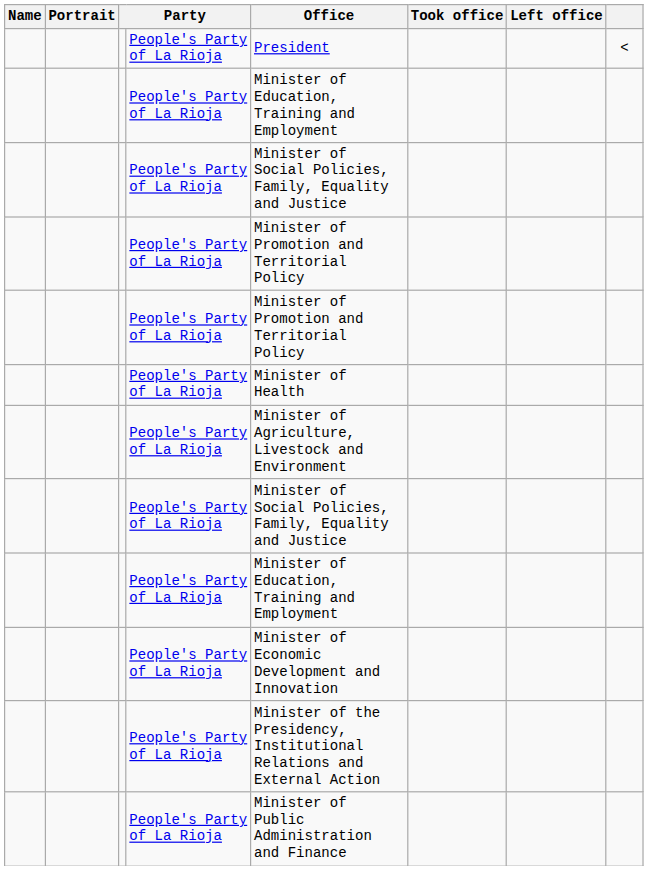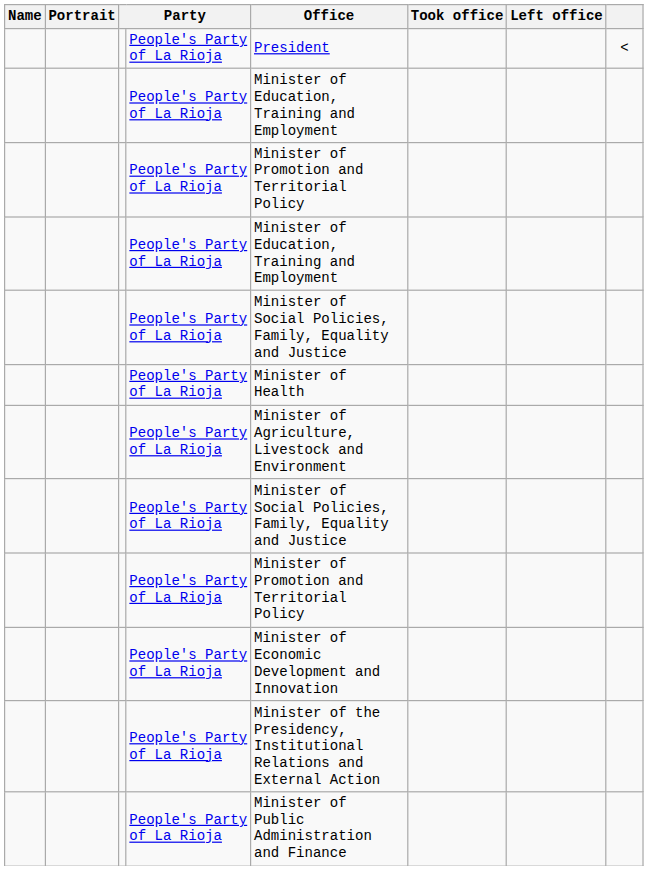 <table class="wikitable plainrowheaders sortable" style="font-size:90%; text-align:left;">
 <tr>
 <th scope=col>Name</th>
 <th scope=col class=unsortable>Portrait</th>
 <th scope=col colspan="2">Party</th>
 <th scope=col width=125px>Office</th>
 <th scope=col>Took office</th>
 <th scope=col>Left office</th>
 <th scope=col width=25px class=unsortable></th>
 </tr>
 <tr>
 <td style="white-space: nowrap;"></td>
 <td align=center></td>
 <td !align="center" style="background:"></td>
 <td><a href='#'>People's Party<br>of La Rioja</a></td>
 <td><a href='#'>President</a></td>
 <td align=center></td>
 <td align=center></td>
 <td align=center><</td>
 </tr>
 <tr>
 <td style="white-space: nowrap;"></td>
 <td align=center></td>
 <td !align="center" style="background:"></td>
 <td><a href='#'>People's Party<br>of La Rioja</a></td>
 <td>Minister of Education, Training and Employment</td>
 <td align=center></td>
 <td align=center></td>
 <td align=center></td>
 </tr>
 <tr>
 <td style="white-space: nowrap;"></td>
 <td align=center></td>
 <td !align="center" style="background:"></td>
 <td><a href='#'>People's Party<br>of La Rioja</a></td>
-<td>Minister of Social Policies, Family, Equality and Justice</td>
-<td align=center></td>
-<td align=center></td>
-<td align=center></td>
-</tr>
-<tr>
-<td style="white-space: nowrap;"></td>
-<td align=center></td>
-<td !align="center" style="background:"></td>
-<td><a href='#'>People's Party<br>of La Rioja</a></td>
 <td>Minister of Promotion and Territorial Policy</td>
 <td align=center></td>
 <td align=center></td>
 <td align=center></td>
 </tr>
 <tr>
 <td style="white-space: nowrap;"></td>
 <td align=center></td>
 <td !align="center" style="background:"></td>
 <td><a href='#'>People's Party<br>of La Rioja</a></td>
-<td>Minister of Promotion and Territorial Policy</td>
+<td>Minister of Education, Training and Employment</td>
+<td align=center></td>
+<td align=center></td>
+<td align=center></td>
+</tr>
+<tr>
+<td style="white-space: nowrap;"></td>
+<td align=center></td>
+<td !align="center" style="background:"></td>
+<td><a href='#'>People's Party<br>of La Rioja</a></td>
+<td>Minister of Social Policies, Family, Equality and Justice</td>
 <td align=center></td>
 <td align=center></td>
 <td align=center></td>
 </tr>
 <tr>
 <td style="white-space: nowrap;"></td>
 <td align=center></td>
 <td !align="center" style="background:"></td>
 <td><a href='#'>People's Party<br>of La Rioja</a></td>
 <td>Minister of Health</td>
 <td align=center></td>
 <td align=center></td>
 <td align=center></td>
 </tr>
 <tr>
 <td style="white-space: nowrap;"></td>
 <td align=center></td>
 <td !align="center" style="background:"></td>
 <td><a href='#'>People's Party<br>of La Rioja</a></td>
 <td>Minister of Agriculture, Livestock and Environment</td>
 <td align=center></td>
 <td align=center></td>
 <td align=center></td>
 </tr>
 <tr>
 <td style="white-space: nowrap;"></td>
 <td align=center></td>
 <td !align="center" style="background:"></td>
 <td><a href='#'>People's Party<br>of La Rioja</a></td>
 <td>Minister of Social Policies, Family, Equality and Justice</td>
 <td align=center></td>
 <td align=center></td>
 <td align=center></td>
 </tr>
 <tr>
 <td style="white-space: nowrap;"></td>
 <td align=center></td>
 <td !align="center" style="background:"></td>
 <td><a href='#'>People's Party<br>of La Rioja</a></td>
-<td>Minister of Education, Training and Employment</td>
+<td>Minister of Promotion and Territorial Policy</td>
 <td align=center></td>
 <td align=center></td>
 <td align=center></td>
 </tr>
 <tr>
 <td style="white-space: nowrap;"></td>
 <td align=center></td>
 <td !align="center" style="background:"></td>
 <td><a href='#'>People's Party<br>of La Rioja</a></td>
 <td>Minister of Economic Development and Innovation</td>
 <td align=center></td>
 <td align=center></td>
 <td align=center></td>
 </tr>
 <tr>
 <td style="white-space: nowrap;"></td>
 <td align=center></td>
 <td !align="center" style="background:"></td>
 <td><a href='#'>People's Party<br>of La Rioja</a></td>
 <td>Minister of the Presidency, Institutional Relations and External Action</td>
 <td align=center></td>
 <td align=center></td>
 <td align=center></td>
 </tr>
 <tr>
 <td style="white-space: nowrap;"></td>
 <td align=center></td>
 <td !align="center" style="background:"></td>
 <td><a href='#'>People's Party<br>of La Rioja</a></td>
 <td>Minister of Public Administration and Finance</td>
 <td align=center></td>
 <td align=center></td>
 <td align=center></td>
 </tr>
 </table>
